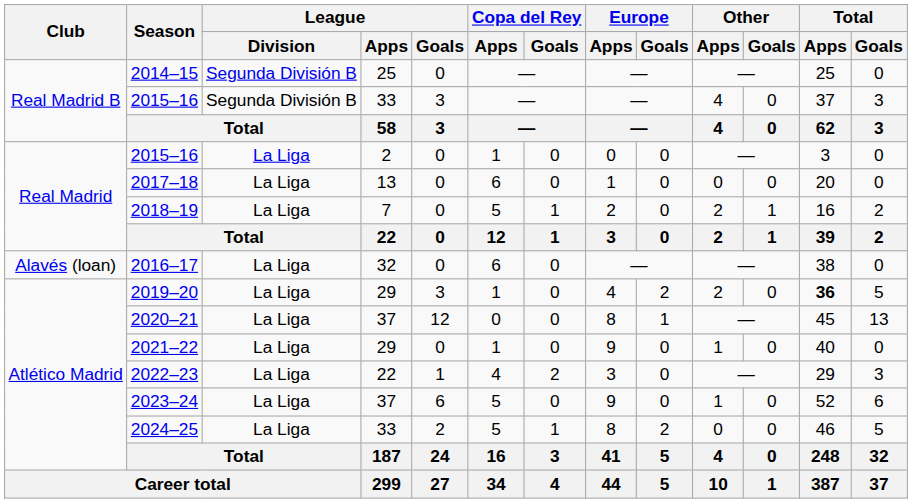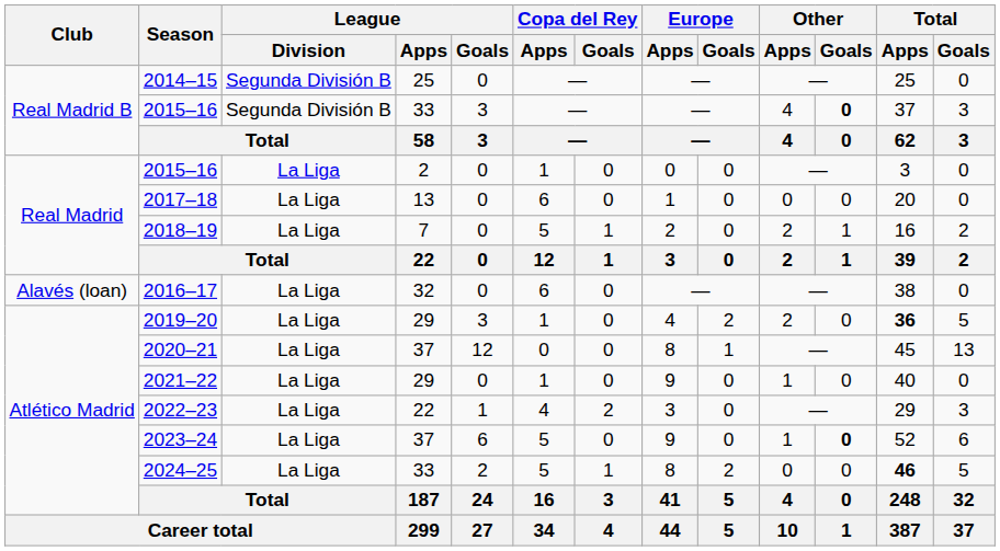 <table class="wikitable" style="text-align:center">
 <tr>
 <th rowspan="2">Club</th>
 <th rowspan="2">Season</th>
 <th colspan="3">League</th>
 <th colspan="2"><a href='#'>Copa del Rey</a></th>
 <th colspan="2"><a href='#'>Europe</a></th>
 <th colspan="2">Other</th>
 <th colspan="2">Total</th>
 </tr>
 <tr>
 <th>Division</th>
 <th>Apps</th>
 <th>Goals</th>
 <th>Apps</th>
 <th>Goals</th>
 <th>Apps</th>
 <th>Goals</th>
 <th>Apps</th>
 <th>Goals</th>
 <th>Apps</th>
 <th>Goals</th>
 </tr>
 <tr>
 <td rowspan="3"><a href='#'>Real Madrid B</a></td>
 <td><a href='#'>2014–15</a></td>
 <td><a href='#'>Segunda División B</a></td>
 <td>25</td>
 <td>0</td>
 <td colspan="2">—</td>
 <td colspan="2">—</td>
 <td colspan="2">—</td>
 <td>25</td>
 <td>0</td>
 </tr>
 <tr>
 <td><a href='#'>2015–16</a></td>
 <td>Segunda División B</td>
 <td>33</td>
 <td>3</td>
 <td colspan="2">—</td>
 <td colspan="2">—</td>
 <td>4</td>
-<td>0</td>
+<td><strong>0</strong></td>
 <td>37</td>
 <td>3</td>
 </tr>
 <tr>
 <th colspan="2">Total</th>
 <th>58</th>
 <th>3</th>
 <th colspan="2">—</th>
 <th colspan="2">—</th>
 <th>4</th>
 <th>0</th>
 <th>62</th>
 <th>3</th>
 </tr>
 <tr>
 <td rowspan="4"><a href='#'>Real Madrid</a></td>
 <td><a href='#'>2015–16</a></td>
 <td><a href='#'>La Liga</a></td>
 <td>2</td>
 <td>0</td>
 <td>1</td>
 <td>0</td>
 <td>0</td>
 <td>0</td>
 <td colspan="2">—</td>
 <td>3</td>
 <td>0</td>
 </tr>
 <tr>
 <td><a href='#'>2017–18</a></td>
 <td>La Liga</td>
 <td>13</td>
 <td>0</td>
 <td>6</td>
 <td>0</td>
 <td>1</td>
 <td>0</td>
 <td>0</td>
 <td>0</td>
 <td>20</td>
 <td>0</td>
 </tr>
 <tr>
 <td><a href='#'>2018–19</a></td>
 <td>La Liga</td>
 <td>7</td>
 <td>0</td>
 <td>5</td>
 <td>1</td>
 <td>2</td>
 <td>0</td>
 <td>2</td>
 <td>1</td>
 <td>16</td>
 <td>2</td>
 </tr>
 <tr>
 <th colspan="2">Total</th>
 <th>22</th>
 <th>0</th>
 <th>12</th>
 <th>1</th>
 <th>3</th>
 <th>0</th>
 <th>2</th>
 <th>1</th>
 <th>39</th>
 <th>2</th>
 </tr>
 <tr>
 <td><a href='#'>Alavés</a> (loan)</td>
 <td><a href='#'>2016–17</a></td>
 <td>La Liga</td>
 <td>32</td>
 <td>0</td>
 <td>6</td>
 <td>0</td>
 <td colspan="2">—</td>
 <td colspan="2">—</td>
 <td>38</td>
 <td>0</td>
 </tr>
 <tr>
 <td rowspan="7"><a href='#'>Atlético Madrid</a></td>
 <td><a href='#'>2019–20</a></td>
 <td>La Liga</td>
 <td>29</td>
 <td>3</td>
 <td>1</td>
 <td>0</td>
 <td>4</td>
 <td>2</td>
 <td>2</td>
 <td>0</td>
 <td><strong>36</strong></td>
 <td>5</td>
 </tr>
 <tr>
 <td><a href='#'>2020–21</a></td>
 <td>La Liga</td>
 <td>37</td>
 <td>12</td>
 <td>0</td>
 <td>0</td>
 <td>8</td>
 <td>1</td>
 <td colspan="2">—</td>
 <td>45</td>
 <td>13</td>
 </tr>
 <tr>
 <td><a href='#'>2021–22</a></td>
 <td>La Liga</td>
 <td>29</td>
 <td>0</td>
 <td>1</td>
 <td>0</td>
 <td>9</td>
 <td>0</td>
 <td>1</td>
 <td>0</td>
 <td>40</td>
 <td>0</td>
 </tr>
 <tr>
 <td><a href='#'>2022–23</a></td>
 <td>La Liga</td>
 <td>22</td>
 <td>1</td>
 <td>4</td>
 <td>2</td>
 <td>3</td>
 <td>0</td>
 <td colspan="2">—</td>
 <td>29</td>
 <td>3</td>
 </tr>
 <tr>
 <td><a href='#'>2023–24</a></td>
 <td>La Liga</td>
 <td>37</td>
 <td>6</td>
 <td>5</td>
 <td>0</td>
 <td>9</td>
 <td>0</td>
 <td>1</td>
-<td>0</td>
+<td><strong>0</strong></td>
 <td>52</td>
 <td>6</td>
 </tr>
 <tr>
 <td><a href='#'>2024–25</a></td>
 <td>La Liga</td>
 <td>33</td>
 <td>2</td>
 <td>5</td>
 <td>1</td>
 <td>8</td>
 <td>2</td>
 <td>0</td>
 <td>0</td>
-<td>46</td>
+<td><strong>46</strong></td>
 <td>5</td>
 </tr>
 <tr>
 <th colspan="2">Total</th>
 <th>187</th>
 <th>24</th>
 <th>16</th>
 <th>3</th>
 <th>41</th>
 <th>5</th>
 <th>4</th>
 <th>0</th>
 <th>248</th>
 <th>32</th>
 </tr>
 <tr>
 <th colspan="3">Career total</th>
 <th>299</th>
 <th>27</th>
 <th>34</th>
 <th>4</th>
 <th>44</th>
 <th>5</th>
 <th>10</th>
 <th>1</th>
 <th>387</th>
 <th>37</th>
 </tr>
 </table>
